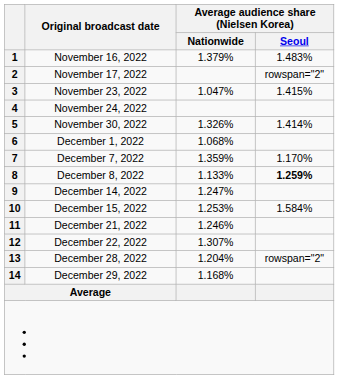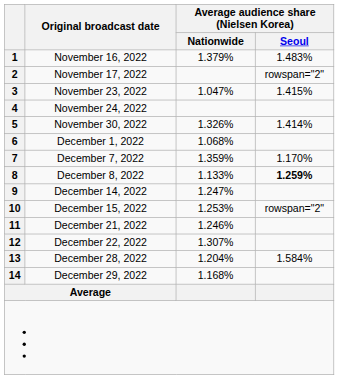 <table class="wikitable" style="text-align:center; margin-left:auto; margin-right:auto; width:500px">
 <tr>
 <th rowspan="2"></th>
 <th rowspan="2">Original broadcast date</th>
 <th colspan="2">Average audience share<br>(Nielsen Korea)</th>
 </tr>
 <tr>
 <th style="width:7em">Nationwide</th>
 <th style="width:7em"><a href='#'>Seoul</a></th>
 </tr>
 <tr>
 <th>1</th>
 <td>November 16, 2022</td>
 <td>1.379% </td>
 <td>1.483% </td>
 </tr>
 <tr>
 <th>2</th>
 <td>November 17, 2022</td>
 <td><strong></strong> </td>
 <td>rowspan="2" </td>
 </tr>
 <tr>
 <th>3</th>
 <td>November 23, 2022</td>
 <td>1.047% </td>
 <td>1.415% </td>
 </tr>
 <tr>
 <th>4</th>
 <td>November 24, 2022</td>
 <td><strong></strong> </td>
 </tr>
 <tr>
 <th>5</th>
 <td>November 30, 2022</td>
 <td>1.326% </td>
 <td>1.414% </td>
 </tr>
 <tr>
 <th>6</th>
 <td>December 1, 2022</td>
 <td>1.068% </td>
 <td></td>
 </tr>
 <tr>
 <th>7</th>
 <td>December 7, 2022</td>
 <td>1.359% </td>
 <td>1.170% </td>
 </tr>
 <tr>
 <th>8</th>
 <td>December 8, 2022</td>
 <td>1.133% </td>
 <td><strong>1.259% </strong></td>
 </tr>
 <tr>
 <th>9</th>
 <td>December 14, 2022</td>
 <td>1.247% </td>
 <td></td>
 </tr>
 <tr>
 <th>10</th>
 <td>December 15, 2022</td>
 <td>1.253% </td>
-<td>1.584% </td>
+<td>rowspan="2" </td>
 </tr>
 <tr>
 <th>11</th>
 <td>December 21, 2022</td>
 <td>1.246% </td>
 <td></td>
 </tr>
 <tr>
 <th>12</th>
 <td>December 22, 2022</td>
 <td>1.307% </td>
 <td><strong></strong> </td>
 </tr>
 <tr>
 <th>13</th>
 <td>December 28, 2022</td>
 <td>1.204% </td>
-<td>rowspan="2" </td>
+<td>1.584% </td>
 </tr>
 <tr>
 <th>14</th>
 <td>December 29, 2022</td>
 <td>1.168% </td>
 </tr>
 <tr>
 <th colspan="2">Average</th>
 <th></th>
 <th></th>
 </tr>
 <tr>
 <td colspan="6"><br><ul><li></li><li></li><li></li></ul></td>
 </tr>
 </table>
